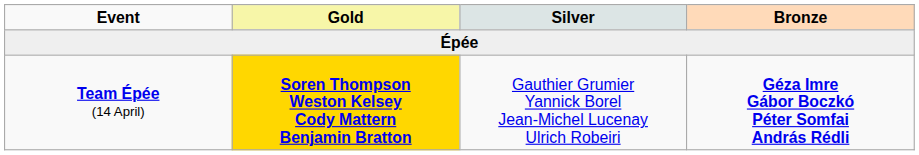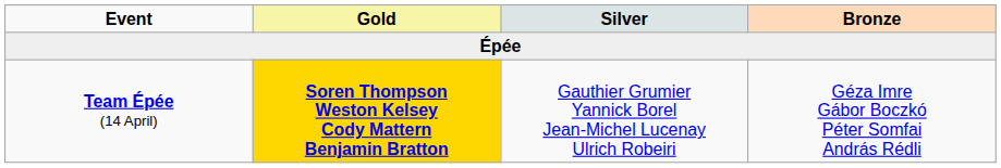 <table class="wikitable" style="text-align: center; font-size: 90%; border: gray solid 1px; border-collapse: collapse;">
 <tr>
 <td ! width=200><strong>Event</strong></td>
 <td width=200 bgcolor="F7F6A8"><strong> Gold</strong></td>
 <td width=200 bgcolor="DCE5E5"><strong> Silver</strong></td>
 <td width=200 bgcolor="FFDAB9"><strong> Bronze</strong></td>
 </tr>
 <tr align="center" bgcolor="#efefef">
 <td colspan="7"><strong>Épée</strong></td>
 </tr>
 <tr>
 <td><strong><a href='#'>Team Épée</a></strong> <br><small>(14 April)</small></td>
 <td style="background: gold;"><strong><br><a href='#'>Soren Thompson</a><br><a href='#'>Weston Kelsey</a><br><a href='#'>Cody Mattern</a><br><a href='#'>Benjamin Bratton</a></strong></td>
 <td><br><a href='#'>Gauthier Grumier</a><br><a href='#'>Yannick Borel</a><br><a href='#'>Jean-Michel Lucenay</a><br><a href='#'>Ulrich Robeiri</a></td>
-<td><strong><br><a href='#'>Géza Imre</a><br><a href='#'>Gábor Boczkó</a><br><a href='#'>Péter Somfai</a><br><a href='#'>András Rédli</a></strong></td>
+<td><br><a href='#'>Géza Imre</a><br><a href='#'>Gábor Boczkó</a><br><a href='#'>Péter Somfai</a><br><a href='#'>András Rédli</a></td>
 </tr>
 </table>
